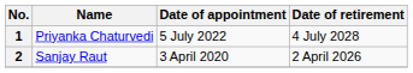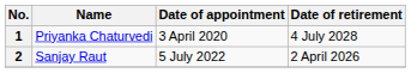 <table class="wikitable sortable">
 <tr>
 <th style="background-color:">No.</th>
 <th style="background-color:">Name</th>
 <th style="background-color:">Date of appointment</th>
 <th style="background-color:">Date of retirement</th>
 </tr>
 <tr>
 <th>1</th>
 <td><a href='#'>Priyanka Chaturvedi</a></td>
-<td>5 July 2022</td>
+<td>3 April 2020</td>
 <td>4 July 2028</td>
 </tr>
 <tr>
 <th>2</th>
 <td><a href='#'>Sanjay Raut</a></td>
-<td>3 April 2020</td>
+<td>5 July 2022</td>
 <td>2 April 2026</td>
 </tr>
 <tr>
 </tr>
 </table>
